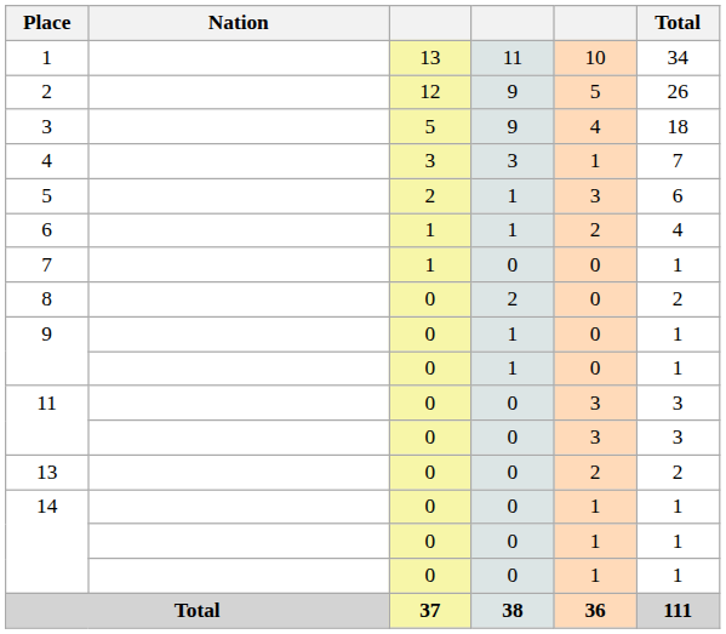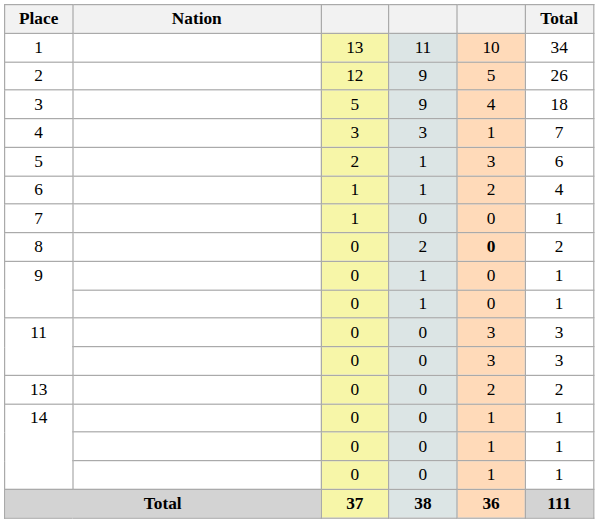 <table class=wikitable style="border:1px solid #AAAAAA;font-size:90%">
 <tr bgcolor="#EFEFEF">
 <th width=50>Place</th>
 <th width=200>Nation</th>
 <th width=50></th>
 <th width=50></th>
 <th width=50></th>
 <th width=50>Total</th>
 </tr>
 <tr align="center" valign="top" bgcolor="#FFFFFF">
 <td>1</td>
 <td align="left"></td>
 <td style="background:#F7F6A8;">13</td>
 <td style="background:#DCE5E5;">11</td>
 <td style="background:#FFDAB9;">10</td>
 <td>34</td>
 </tr>
 <tr align="center" valign="top" bgcolor="#FFFFFF">
 <td>2</td>
 <td align="left"></td>
 <td style="background:#F7F6A8;">12</td>
 <td style="background:#DCE5E5;">9</td>
 <td style="background:#FFDAB9;">5</td>
 <td>26</td>
 </tr>
 <tr align="center" valign="top" bgcolor="#FFFFFF">
 <td>3</td>
 <td align="left"></td>
 <td style="background:#F7F6A8;">5</td>
 <td style="background:#DCE5E5;">9</td>
 <td style="background:#FFDAB9;">4</td>
 <td>18</td>
 </tr>
 <tr align="center" valign="top" bgcolor="#FFFFFF">
 <td>4</td>
 <td align="left"></td>
 <td style="background:#F7F6A8;">3</td>
 <td style="background:#DCE5E5;">3</td>
 <td style="background:#FFDAB9;">1</td>
 <td>7</td>
 </tr>
 <tr align="center" valign="top" bgcolor="#FFFFFF">
 <td>5</td>
 <td align="left"></td>
 <td style="background:#F7F6A8;">2</td>
 <td style="background:#DCE5E5;">1</td>
 <td style="background:#FFDAB9;">3</td>
 <td>6</td>
 </tr>
 <tr align="center" valign="top" bgcolor="#FFFFFF">
 <td>6</td>
 <td align="left"></td>
 <td style="background:#F7F6A8;">1</td>
 <td style="background:#DCE5E5;">1</td>
 <td style="background:#FFDAB9;">2</td>
 <td>4</td>
 </tr>
 <tr align="center" valign="top" bgcolor="#FFFFFF">
 <td>7</td>
 <td align="left"></td>
 <td style="background:#F7F6A8;">1</td>
 <td style="background:#DCE5E5;">0</td>
 <td style="background:#FFDAB9;">0</td>
 <td>1</td>
 </tr>
 <tr align="center" valign="top" bgcolor="#FFFFFF">
 <td>8</td>
 <td align="left"></td>
 <td style="background:#F7F6A8;">0</td>
 <td style="background:#DCE5E5;">2</td>
-<td style="background:#FFDAB9;">0</td>
+<td style="background:#FFDAB9;"><strong>0</strong></td>
 <td>2</td>
 </tr>
 <tr align="center" valign="top" bgcolor="#FFFFFF">
 <td rowspan="2" valign="center">9</td>
 <td align="left"></td>
 <td style="background:#F7F6A8;">0</td>
 <td style="background:#DCE5E5;">1</td>
 <td style="background:#FFDAB9;">0</td>
 <td>1</td>
 </tr>
 <tr align="center" valign="top" bgcolor="#FFFFFF">
 <td align="left"></td>
 <td style="background:#F7F6A8;">0</td>
 <td style="background:#DCE5E5;">1</td>
 <td style="background:#FFDAB9;">0</td>
 <td>1</td>
 </tr>
 <tr align="center" valign="top" bgcolor="#FFFFFF">
 <td rowspan="2" valign="center">11</td>
 <td align="left"></td>
 <td style="background:#F7F6A8;">0</td>
 <td style="background:#DCE5E5;">0</td>
 <td style="background:#FFDAB9;">3</td>
 <td>3</td>
 </tr>
 <tr align="center" valign="top" bgcolor="#FFFFFF">
 <td align="left"></td>
 <td style="background:#F7F6A8;">0</td>
 <td style="background:#DCE5E5;">0</td>
 <td style="background:#FFDAB9;">3</td>
 <td>3</td>
 </tr>
 <tr align="center" valign="top" bgcolor="#FFFFFF">
 <td>13</td>
 <td align="left"></td>
 <td style="background:#F7F6A8;">0</td>
 <td style="background:#DCE5E5;">0</td>
 <td style="background:#FFDAB9;">2</td>
 <td>2</td>
 </tr>
 <tr align="center" valign="top" bgcolor="#FFFFFF">
 <td rowspan="3" valign="center">14</td>
 <td align="left"></td>
 <td style="background:#F7F6A8;">0</td>
 <td style="background:#DCE5E5;">0</td>
 <td style="background:#FFDAB9;">1</td>
 <td>1</td>
 </tr>
 <tr align="center" valign="top" bgcolor="#FFFFFF">
 <td align="left"></td>
 <td style="background:#F7F6A8;">0</td>
 <td style="background:#DCE5E5;">0</td>
 <td style="background:#FFDAB9;">1</td>
 <td>1</td>
 </tr>
 <tr align="center" valign="top" bgcolor="#FFFFFF">
 <td align="left"></td>
 <td style="background:#F7F6A8;">0</td>
 <td style="background:#DCE5E5;">0</td>
 <td style="background:#FFDAB9;">1</td>
 <td>1</td>
 </tr>
 <tr align="center">
 <td colspan="2" bgcolor=D3D3D3><strong>Total</strong></td>
 <td style="background:#F7F6A8;"><strong>37</strong></td>
 <td style="background:#DCE5E5;"><strong>38</strong></td>
 <td style="background:#FFDAB9;"><strong>36</strong></td>
 <td bgcolor=D3D3D3><strong>111</strong></td>
 </tr>
 </table>
